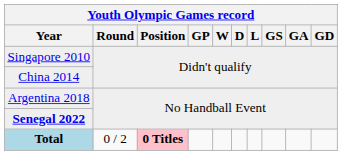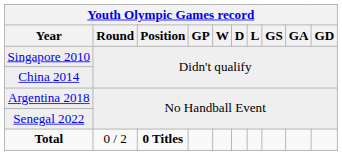 <table class="wikitable" style="text-align: center;">
 <tr>
 <th colspan=10><a href='#'>Youth Olympic Games record</a></th>
 </tr>
 <tr>
 <th>Year</th>
 <th>Round</th>
 <th>Position</th>
 <th>GP</th>
 <th>W</th>
 <th>D</th>
 <th>L</th>
 <th>GS</th>
 <th>GA</th>
 <th>GD</th>
 </tr>
 <tr bgcolor="efefef">
 <td> <a href='#'>Singapore 2010</a></td>
 <td Colspan=10 rowspan=2>Didn't qualify</td>
 </tr>
 <tr bgcolor="efefef">
 <td> <a href='#'>China 2014</a></td>
 </tr>
 <tr bgcolor="efefef">
 <td> <a href='#'>Argentina 2018</a></td>
 <td colspan=10 rowspan=2>No Handball Event</td>
 </tr>
 <tr bgcolor= "efefef">
-<td><strong> <a href='#'>Senegal 2022</a></strong></td>
+<td> <a href='#'>Senegal 2022</a></td>
 </tr>
 <tr>
-<td style="background: lightblue;"><strong>Total</strong></td>
+<td><strong>Total</strong></td>
 <td>0 / 2</td>
-<td style="background: pink;"><strong>0 Titles</strong></td>
+<td><strong>0 Titles</strong></td>
 <td></td>
 <td></td>
 <td></td>
 <td></td>
 <td></td>
 <td></td>
 <td></td>
 </tr>
 </table>
